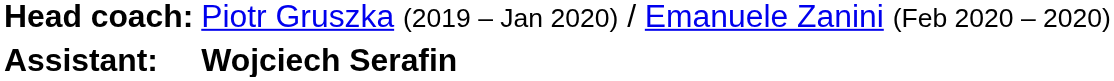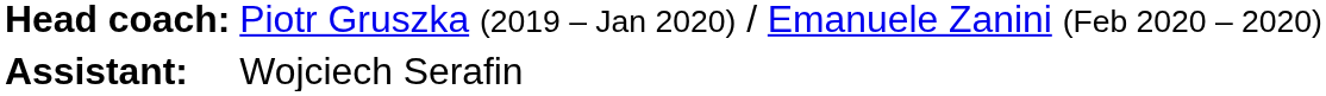 <table>
 <tr>
 <td><strong>Head coach:</strong></td>
 <td> <a href='#'>Piotr Gruszka</a> <small>(2019 – Jan 2020)</small> /  <a href='#'>Emanuele Zanini</a> <small>(Feb 2020 – 2020)</small></td>
 </tr>
 <tr>
 <td><strong>Assistant:</strong></td>
-<td><strong> Wojciech Serafin</strong></td>
+<td> Wojciech Serafin</td>
 </tr>
 </table>
